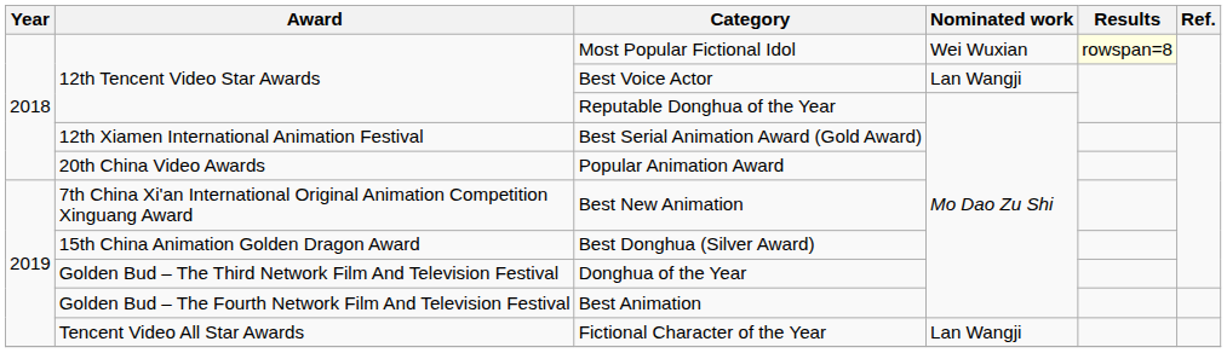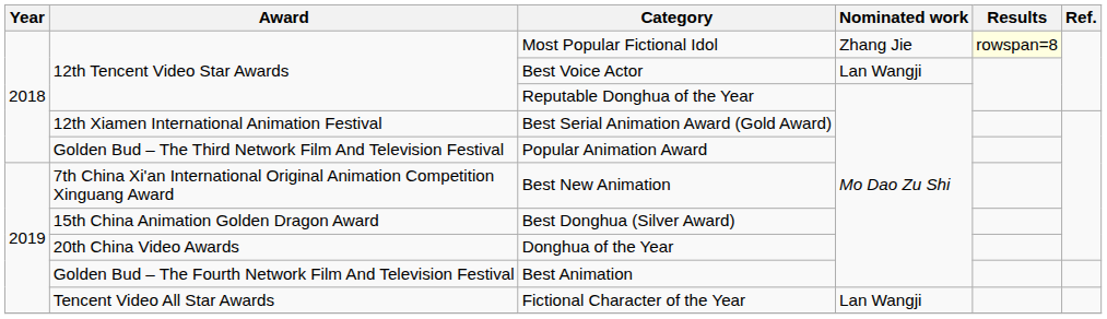 <table class="wikitable">
 <tr>
 <th>Year</th>
 <th>Award</th>
 <th>Category</th>
 <th>Nominated work</th>
 <th>Results</th>
 <th class="unsortable">Ref.</th>
 </tr>
 <tr>
 <td rowspan=5>2018</td>
 <td rowspan=3>12th Tencent Video Star Awards</td>
 <td>Most Popular Fictional Idol</td>
-<td>Wei Wuxian</td>
+<td>Zhang Jie</td>
 <td style="background: lightyellow;">rowspan=8 </td>
 <td rowspan=3></td>
 </tr>
 <tr>
 <td>Best Voice Actor</td>
 <td>Lan Wangji</td>
 </tr>
 <tr>
 <td>Reputable Donghua of the Year</td>
 <td rowspan=7><em>Mo Dao Zu Shi</em></td>
 </tr>
 <tr>
 <td>12th Xiamen International Animation Festival</td>
 <td>Best Serial Animation Award (Gold Award)</td>
 <td></td>
 </tr>
 <tr>
-<td>20th China Video Awards</td>
+<td>Golden Bud – The Third Network Film And Television Festival</td>
 <td>Popular Animation Award</td>
 <td></td>
 </tr>
 <tr>
 <td rowspan=5>2019</td>
 <td>7th China Xi'an International Original Animation Competition <br> Xinguang Award</td>
 <td>Best New Animation</td>
 <td></td>
 </tr>
 <tr>
 <td>15th China Animation Golden Dragon Award</td>
 <td>Best Donghua (Silver Award)</td>
 <td></td>
 </tr>
 <tr>
-<td>Golden Bud – The Third Network Film And Television Festival</td>
+<td>20th China Video Awards</td>
 <td>Donghua of the Year</td>
 <td></td>
 </tr>
 <tr>
 <td>Golden Bud – The Fourth Network Film And Television Festival</td>
 <td>Best Animation</td>
 <td></td>
 <td></td>
 </tr>
 <tr>
 <td>Tencent Video All Star Awards</td>
 <td>Fictional Character of the Year</td>
 <td>Lan Wangji</td>
 <td></td>
 <td></td>
 </tr>
 <tr>
 </tr>
 </table>
